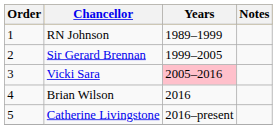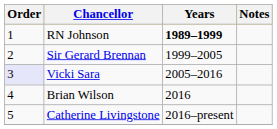 <table class="wikitable">
 <tr style="background:#fc3;">
 <th>Order</th>
 <th><a href='#'>Chancellor</a></th>
 <th>Years</th>
 <th>Notes</th>
 </tr>
 <tr>
 <td>1</td>
 <td>RN Johnson</td>
-<td>1989–1999</td>
+<td><strong>1989–1999</strong></td>
 <td></td>
 </tr>
 <tr>
 <td>2</td>
 <td><a href='#'>Sir Gerard Brennan</a></td>
 <td>1999–2005</td>
 <td></td>
 </tr>
 <tr>
-<td>3</td>
+<td style="background: lavender;">3</td>
 <td><a href='#'>Vicki Sara</a></td>
-<td style="background: pink;">2005–2016</td>
+<td>2005–2016</td>
 <td></td>
 </tr>
 <tr>
 <td>4</td>
 <td>Brian Wilson</td>
 <td>2016</td>
 <td></td>
 </tr>
 <tr>
 <td>5</td>
 <td><a href='#'>Catherine Livingstone</a></td>
 <td>2016–present</td>
 <td></td>
 </tr>
 <tr>
 </tr>
 </table>
